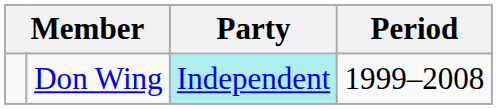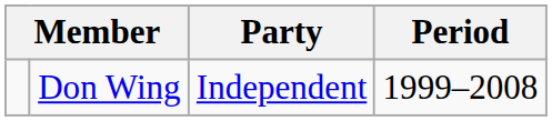 <table class="wikitable">
 <tr>
 <th colspan="2">Member</th>
 <th>Party</th>
 <th>Period</th>
 </tr>
 <tr>
 <td> </td>
 <td><a href='#'>Don Wing</a></td>
-<td style="background: paleturquoise;"><a href='#'>Independent</a></td>
+<td><a href='#'>Independent</a></td>
 <td>1999–2008</td>
 </tr>
 </table>
